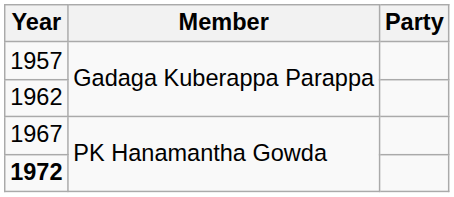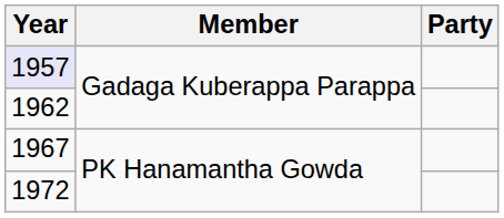 <table class="wikitable sortable">
 <tr>
 <th>Year</th>
 <th>Member</th>
 <th colspan="2">Party</th>
 </tr>
 <tr>
-<td>1957</td>
+<td style="background: lavender;">1957</td>
 <td rowspan=2>Gadaga Kuberappa Parappa</td>
 <td></td>
 </tr>
 <tr>
 <td>1962</td>
 </tr>
 <tr>
 <td>1967</td>
 <td rowspan=2>PK Hanamantha Gowda</td>
 <td></td>
 </tr>
 <tr>
-<td><strong>1972</strong></td>
+<td>1972</td>
 <td></td>
 </tr>
 </table>
